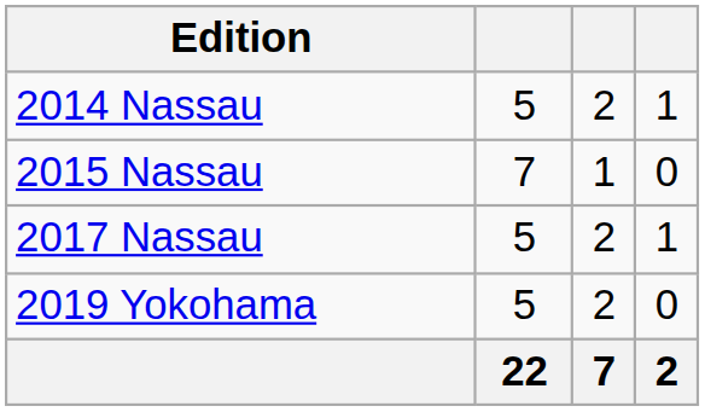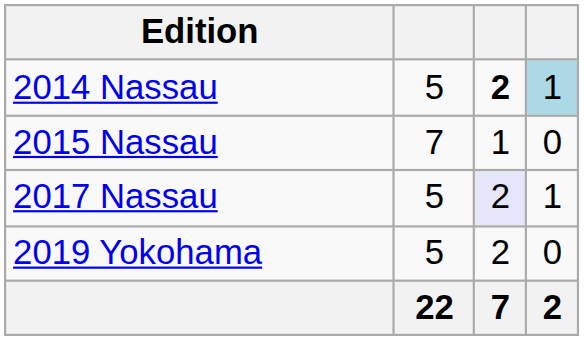 <table class="wikitable" width=30% style="font-size:100%; text-align:center;">
 <tr>
 <th>Edition</th>
 <th></th>
 <th></th>
 <th></th>
 </tr>
 <tr>
 <td align=left> <a href='#'>2014 Nassau</a></td>
 <td>5</td>
-<td>2</td>
-<td>1</td>
+<td><strong>2</strong></td>
+<td style="background: lightblue;">1</td>
 </tr>
 <tr>
 <td align=left> <a href='#'>2015 Nassau</a></td>
 <td>7</td>
 <td>1</td>
 <td>0</td>
 </tr>
 <tr>
 <td align=left> <a href='#'>2017 Nassau</a></td>
 <td>5</td>
-<td>2</td>
+<td style="background: lavender;">2</td>
 <td>1</td>
 </tr>
 <tr>
 <td align=left> <a href='#'>2019 Yokohama</a></td>
 <td>5</td>
 <td>2</td>
 <td>0</td>
 </tr>
 <tr>
 <th></th>
 <th>22</th>
 <th>7</th>
 <th>2</th>
 </tr>
 </table>
